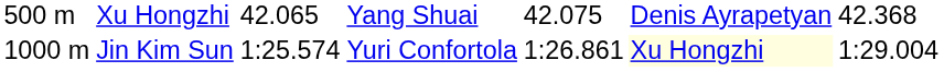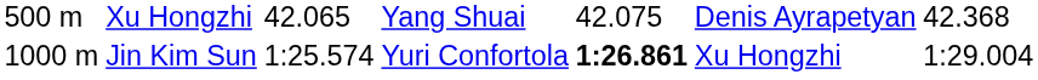 <table>
 <tr>
 <td>500 m</td>
 <td><a href='#'>Xu Hongzhi</a><br></td>
 <td>42.065</td>
 <td><a href='#'>Yang Shuai</a><br></td>
 <td>42.075</td>
 <td><a href='#'>Denis Ayrapetyan</a><br></td>
 <td>42.368</td>
 </tr>
 <tr>
 <td>1000 m</td>
 <td><a href='#'>Jin Kim Sun</a><br></td>
 <td>1:25.574</td>
 <td><a href='#'>Yuri Confortola</a><br></td>
-<td>1:26.861</td>
-<td style="background: lightyellow;"><a href='#'>Xu Hongzhi</a><br></td>
+<td><strong>1:26.861</strong></td>
+<td><a href='#'>Xu Hongzhi</a><br></td>
 <td>1:29.004</td>
 </tr>
 <tr>
 </tr>
 </table>
